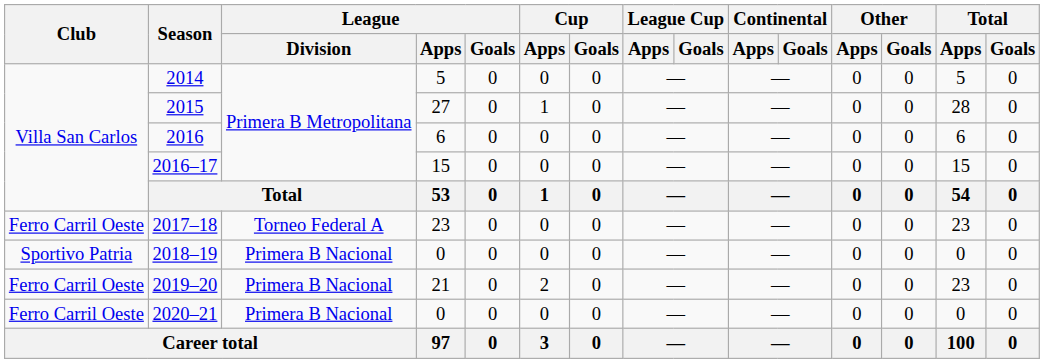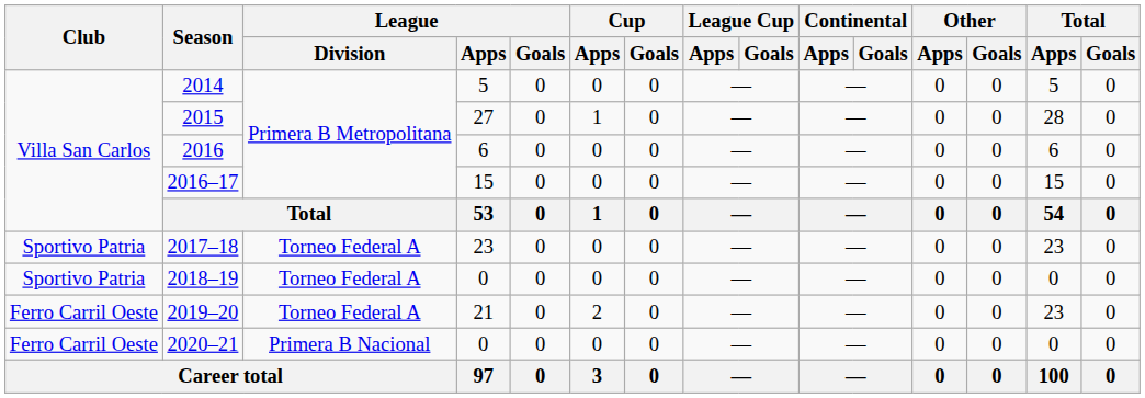 <table class="wikitable" style="text-align:center">
 <tr>
 <th rowspan="2">Club</th>
 <th rowspan="2">Season</th>
 <th colspan="3">League</th>
 <th colspan="2">Cup</th>
 <th colspan="2">League Cup</th>
 <th colspan="2">Continental</th>
 <th colspan="2">Other</th>
 <th colspan="2">Total</th>
 </tr>
 <tr>
 <th>Division</th>
 <th>Apps</th>
 <th>Goals</th>
 <th>Apps</th>
 <th>Goals</th>
 <th>Apps</th>
 <th>Goals</th>
 <th>Apps</th>
 <th>Goals</th>
 <th>Apps</th>
 <th>Goals</th>
 <th>Apps</th>
 <th>Goals</th>
 </tr>
 <tr>
 <td rowspan="5"><a href='#'>Villa San Carlos</a></td>
 <td><a href='#'>2014</a></td>
 <td rowspan="4"><a href='#'>Primera B Metropolitana</a></td>
 <td>5</td>
 <td>0</td>
 <td>0</td>
 <td>0</td>
 <td colspan="2">—</td>
 <td colspan="2">—</td>
 <td>0</td>
 <td>0</td>
 <td>5</td>
 <td>0</td>
 </tr>
 <tr>
 <td><a href='#'>2015</a></td>
 <td>27</td>
 <td>0</td>
 <td>1</td>
 <td>0</td>
 <td colspan="2">—</td>
 <td colspan="2">—</td>
 <td>0</td>
 <td>0</td>
 <td>28</td>
 <td>0</td>
 </tr>
 <tr>
 <td><a href='#'>2016</a></td>
 <td>6</td>
 <td>0</td>
 <td>0</td>
 <td>0</td>
 <td colspan="2">—</td>
 <td colspan="2">—</td>
 <td>0</td>
 <td>0</td>
 <td>6</td>
 <td>0</td>
 </tr>
 <tr>
 <td><a href='#'>2016–17</a></td>
 <td>15</td>
 <td>0</td>
 <td>0</td>
 <td>0</td>
 <td colspan="2">—</td>
 <td colspan="2">—</td>
 <td>0</td>
 <td>0</td>
 <td>15</td>
 <td>0</td>
 </tr>
 <tr>
 <th colspan="2">Total</th>
 <th>53</th>
 <th>0</th>
 <th>1</th>
 <th>0</th>
 <th colspan="2">—</th>
 <th colspan="2">—</th>
 <th>0</th>
 <th>0</th>
 <th>54</th>
 <th>0</th>
 </tr>
 <tr>
-<td rowspan="1"><a href='#'>Ferro Carril Oeste</a></td>
+<td rowspan="1"><a href='#'>Sportivo Patria</a></td>
 <td><a href='#'>2017–18</a></td>
 <td rowspan="1"><a href='#'>Torneo Federal A</a></td>
 <td>23</td>
 <td>0</td>
 <td>0</td>
 <td>0</td>
 <td colspan="2">—</td>
 <td colspan="2">—</td>
 <td>0</td>
 <td>0</td>
 <td>23</td>
 <td>0</td>
 </tr>
 <tr>
 <td rowspan="1"><a href='#'>Sportivo Patria</a></td>
 <td><a href='#'>2018–19</a></td>
-<td rowspan="1"><a href='#'>Primera B Nacional</a></td>
+<td rowspan="1"><a href='#'>Torneo Federal A</a></td>
 <td>0</td>
 <td>0</td>
 <td>0</td>
 <td>0</td>
 <td colspan="2">—</td>
 <td colspan="2">—</td>
 <td>0</td>
 <td>0</td>
 <td>0</td>
 <td>0</td>
 </tr>
 <tr>
 <td rowspan="1"><a href='#'>Ferro Carril Oeste</a></td>
 <td><a href='#'>2019–20</a></td>
-<td rowspan="1"><a href='#'>Primera B Nacional</a></td>
+<td rowspan="1"><a href='#'>Torneo Federal A</a></td>
 <td>21</td>
 <td>0</td>
 <td>2</td>
 <td>0</td>
 <td colspan="2">—</td>
 <td colspan="2">—</td>
 <td>0</td>
 <td>0</td>
 <td>23</td>
 <td>0</td>
 </tr>
 <tr>
 <td rowspan="1"><a href='#'>Ferro Carril Oeste</a></td>
 <td><a href='#'>2020–21</a></td>
 <td rowspan="1"><a href='#'>Primera B Nacional</a></td>
 <td>0</td>
 <td>0</td>
 <td>0</td>
 <td>0</td>
 <td colspan="2">—</td>
 <td colspan="2">—</td>
 <td>0</td>
 <td>0</td>
 <td>0</td>
 <td>0</td>
 </tr>
 <tr>
 <th colspan="3">Career total</th>
 <th>97</th>
 <th>0</th>
 <th>3</th>
 <th>0</th>
 <th colspan="2">—</th>
 <th colspan="2">—</th>
 <th>0</th>
 <th>0</th>
 <th>100</th>
 <th>0</th>
 </tr>
 </table>
